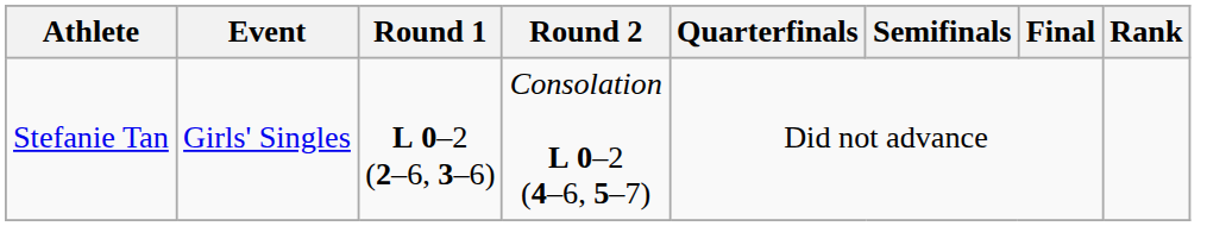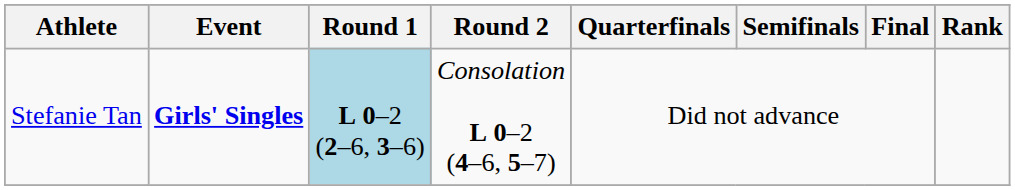 <table class=wikitable style="font-size:90%">
 <tr>
 <th>Athlete</th>
 <th>Event</th>
 <th>Round 1</th>
 <th>Round 2</th>
 <th>Quarterfinals</th>
 <th>Semifinals</th>
 <th>Final</th>
 <th>Rank</th>
 </tr>
 <tr>
 <td><a href='#'>Stefanie Tan</a></td>
-<td><a href='#'>Girls' Singles</a></td>
-<td align=center><br><strong>L</strong> <strong>0</strong>–2<br> (<strong>2</strong>–6, <strong>3</strong>–6)</td>
+<td><strong><a href='#'>Girls' Singles</a></strong></td>
+<td align=center style="background: lightblue;"><br><strong>L</strong> <strong>0</strong>–2<br> (<strong>2</strong>–6, <strong>3</strong>–6)</td>
 <td align=center><em>Consolation</em><br><br><strong>L</strong> <strong>0</strong>–2<br> (<strong>4</strong>–6, <strong>5</strong>–7)</td>
 <td colspan=3 align=center>Did not advance</td>
 <td align=center></td>
 </tr>
 </table>
